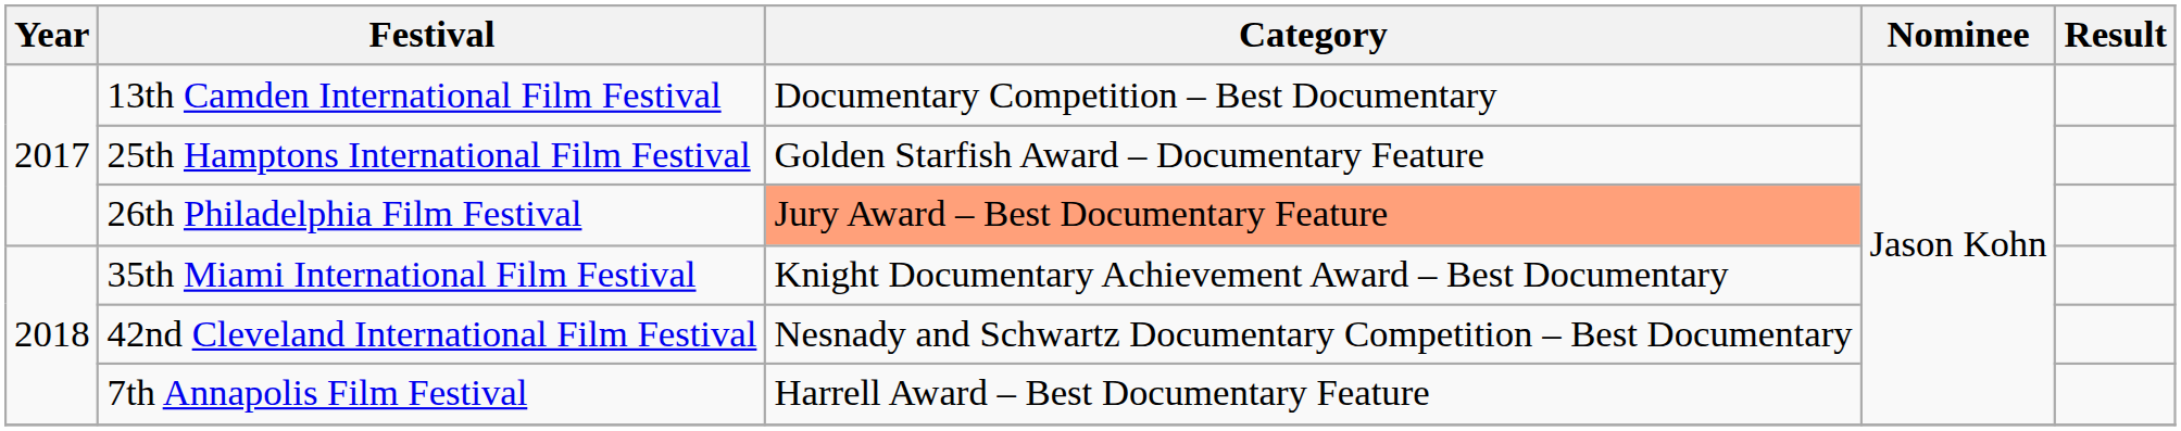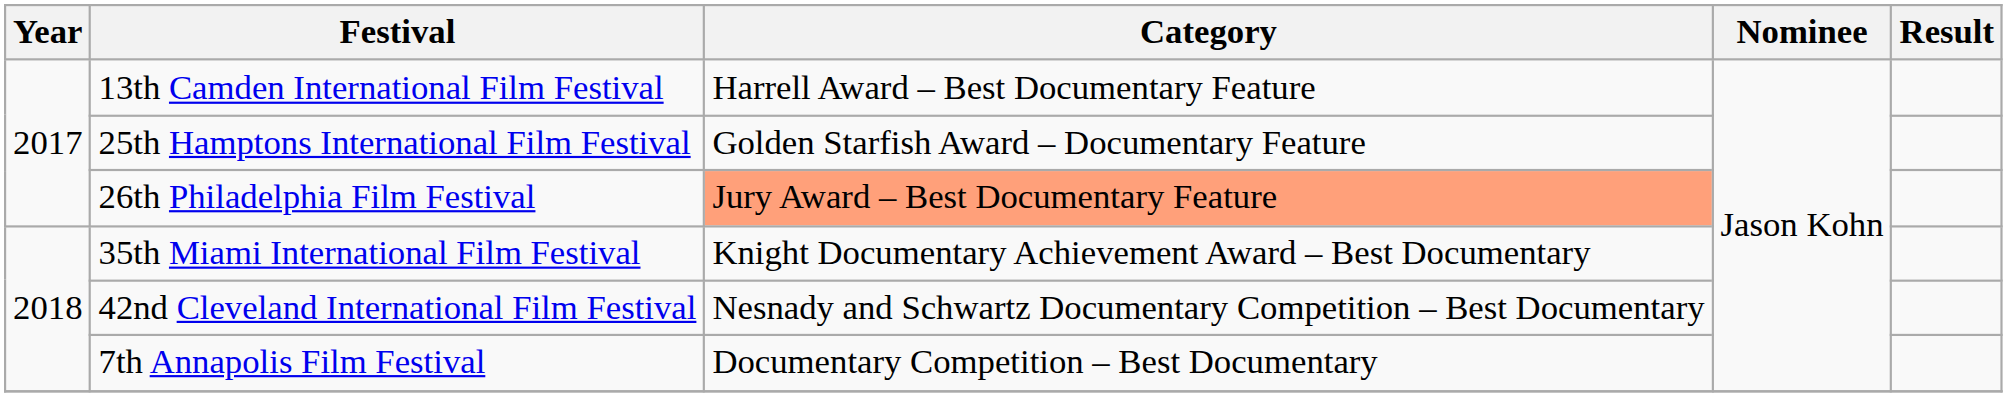 <table class="wikitable">
 <tr>
 <th>Year</th>
 <th>Festival</th>
 <th>Category</th>
 <th>Nominee</th>
 <th>Result</th>
 </tr>
 <tr>
 <td rowspan="3" style="text-align:center;">2017</td>
 <td>13th <a href='#'>Camden International Film Festival</a></td>
-<td>Documentary Competition – Best Documentary</td>
+<td>Harrell Award – Best Documentary Feature</td>
 <td rowspan="6" style="text-align:center;">Jason Kohn</td>
 <td></td>
 </tr>
 <tr>
 <td>25th <a href='#'>Hamptons International Film Festival</a></td>
 <td>Golden Starfish Award – Documentary Feature</td>
 <td></td>
 </tr>
 <tr>
 <td>26th <a href='#'>Philadelphia Film Festival</a></td>
 <td style="background: lightsalmon;">Jury Award – Best Documentary Feature</td>
 <td></td>
 </tr>
 <tr>
 <td rowspan="3" style="text-align:center;">2018</td>
 <td>35th <a href='#'>Miami International Film Festival</a></td>
 <td>Knight Documentary Achievement Award – Best Documentary</td>
 <td></td>
 </tr>
 <tr>
 <td>42nd <a href='#'>Cleveland International Film Festival</a></td>
 <td>Nesnady and Schwartz Documentary Competition – Best Documentary</td>
 <td></td>
 </tr>
 <tr>
 <td>7th <a href='#'>Annapolis Film Festival</a></td>
-<td>Harrell Award – Best Documentary Feature</td>
+<td>Documentary Competition – Best Documentary</td>
 <td></td>
 </tr>
 <tr>
 </tr>
 </table>
